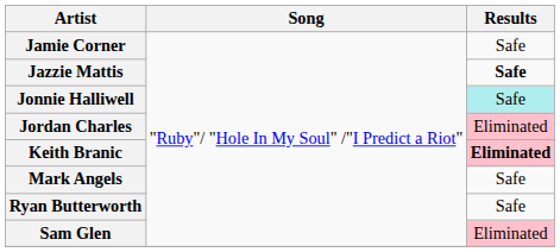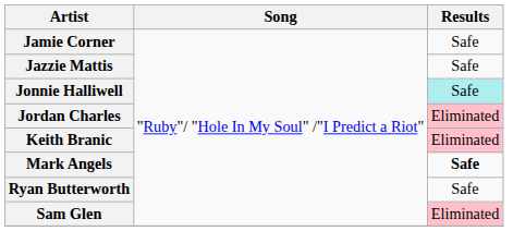 <table class="wikitable plainrowheaders" style="text-align:center;">
 <tr>
 <th scope="col">Artist</th>
 <th scope="col">Song</th>
 <th scope="col">Results</th>
 </tr>
 <tr>
 <th scope="row">Jamie Corner</th>
 <td rowspan="8">"<a href='#'>Ruby</a>"/ "<a href='#'>Hole In My Soul</a>" /"<a href='#'>I Predict a Riot</a>"</td>
 <td>Safe</td>
 </tr>
 <tr>
 <th scope="row">Jazzie Mattis</th>
-<td><strong>Safe</strong></td>
+<td>Safe</td>
 </tr>
 <tr>
 <th scope="row">Jonnie Halliwell</th>
 <td style="background: paleturquoise;">Safe</td>
 </tr>
 <tr>
 <th scope="row">Jordan Charles</th>
 <td style="background:pink;">Eliminated</td>
 </tr>
 <tr>
 <th scope="row">Keith Branic</th>
-<td style="background:pink;"><strong>Eliminated</strong></td>
+<td style="background:pink;">Eliminated</td>
 </tr>
 <tr>
 <th scope="row">Mark Angels</th>
-<td>Safe</td>
+<td><strong>Safe</strong></td>
 </tr>
 <tr>
 <th scope="row">Ryan Butterworth</th>
 <td>Safe</td>
 </tr>
 <tr>
 <th scope="row">Sam Glen</th>
 <td style="background:pink;">Eliminated</td>
 </tr>
 <tr safe>
 </tr>
 </table>
